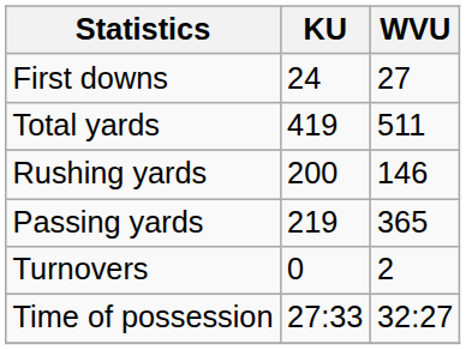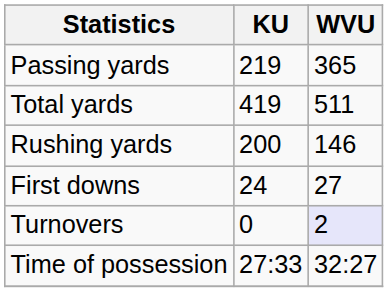 <table class="wikitable" style="float: left;">
 <tr>
 <th>Statistics</th>
 <th>KU</th>
 <th>WVU</th>
 </tr>
 <tr>
-<td>First downs</td>
-<td>24</td>
-<td>27</td>
+<td>Passing yards</td>
+<td>219</td>
+<td>365</td>
 </tr>
 <tr>
 <td>Total yards</td>
 <td>419</td>
 <td>511</td>
 </tr>
 <tr>
 <td>Rushing yards</td>
 <td>200</td>
 <td>146</td>
 </tr>
 <tr>
-<td>Passing yards</td>
-<td>219</td>
-<td>365</td>
+<td>First downs</td>
+<td>24</td>
+<td>27</td>
 </tr>
 <tr>
 <td>Turnovers</td>
 <td>0</td>
-<td>2</td>
+<td style="background: lavender;">2</td>
 </tr>
 <tr>
 <td>Time of possession</td>
 <td>27:33</td>
 <td>32:27</td>
 </tr>
 <tr>
 </tr>
 </table>
